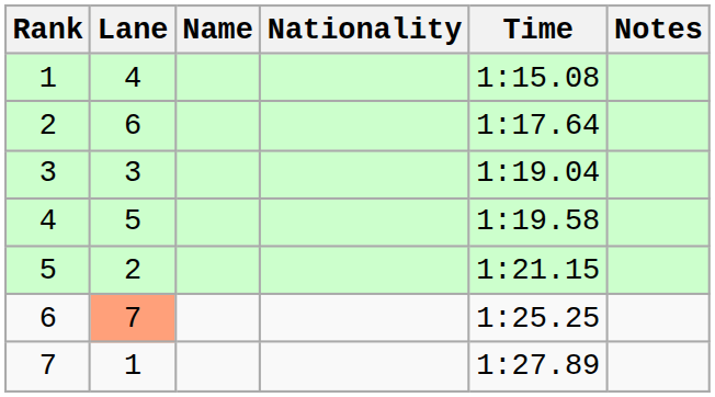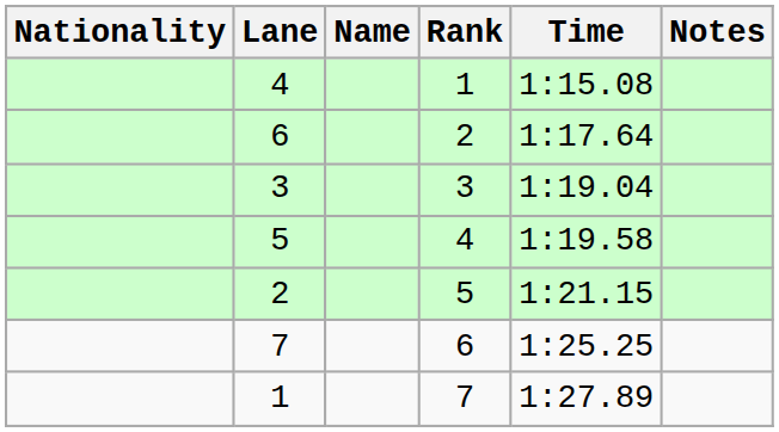 <table class="wikitable sortable" style="text-align:center">
 <tr>
-<th>Rank</th>
+<th>Nationality</th>
 <th>Lane</th>
 <th>Name</th>
-<th>Nationality</th>
+<th>Rank</th>
 <th>Time</th>
 <th>Notes</th>
 </tr>
 <tr bgcolor=ccffcc>
-<td>1</td>
+<td align=left></td>
 <td>4</td>
 <td align=left></td>
-<td align=left></td>
+<td>1</td>
 <td>1:15.08</td>
 <td><strong></strong></td>
 </tr>
 <tr bgcolor=ccffcc>
-<td>2</td>
+<td align=left></td>
 <td>6</td>
 <td align=left></td>
-<td align=left></td>
+<td>2</td>
 <td>1:17.64</td>
 <td><strong></strong></td>
 </tr>
 <tr bgcolor=ccffcc>
-<td>3</td>
+<td align=left></td>
 <td>3</td>
 <td align=left></td>
-<td align=left></td>
+<td>3</td>
 <td>1:19.04</td>
 <td><strong></strong></td>
 </tr>
 <tr bgcolor=ccffcc>
-<td>4</td>
+<td align=left></td>
 <td>5</td>
 <td align=left></td>
-<td align=left></td>
+<td>4</td>
 <td>1:19.58</td>
 <td><strong></strong></td>
 </tr>
 <tr bgcolor=ccffcc>
-<td>5</td>
+<td align=left></td>
 <td>2</td>
 <td align=left></td>
-<td align=left></td>
+<td>5</td>
 <td>1:21.15</td>
 <td><strong></strong></td>
 </tr>
 <tr>
+<td align=left></td>
+<td>7</td>
+<td align=left></td>
 <td>6</td>
-<td style="background: lightsalmon;">7</td>
-<td align=left></td>
-<td align=left></td>
 <td>1:25.25</td>
 <td></td>
 </tr>
 <tr>
-<td>7</td>
+<td align=left></td>
 <td>1</td>
 <td align=left></td>
-<td align=left></td>
+<td>7</td>
 <td>1:27.89</td>
 <td></td>
 </tr>
 </table>
